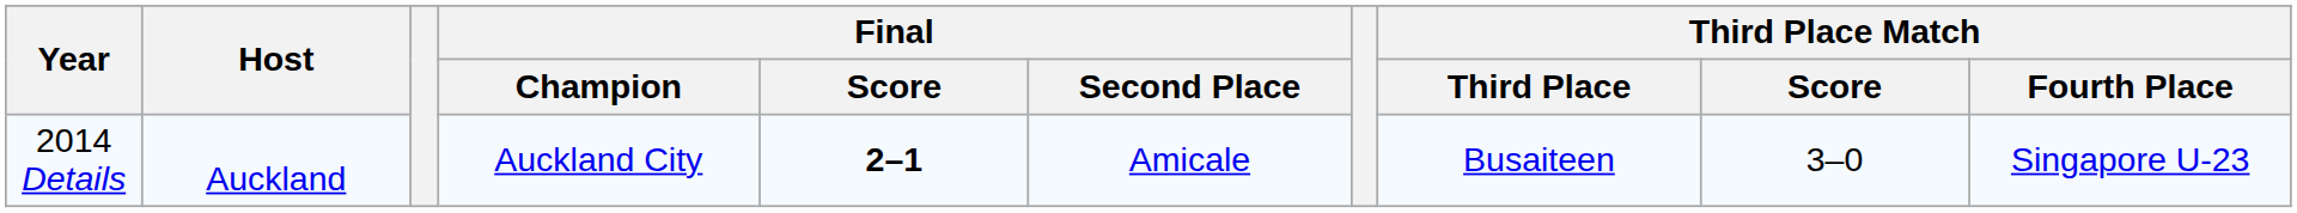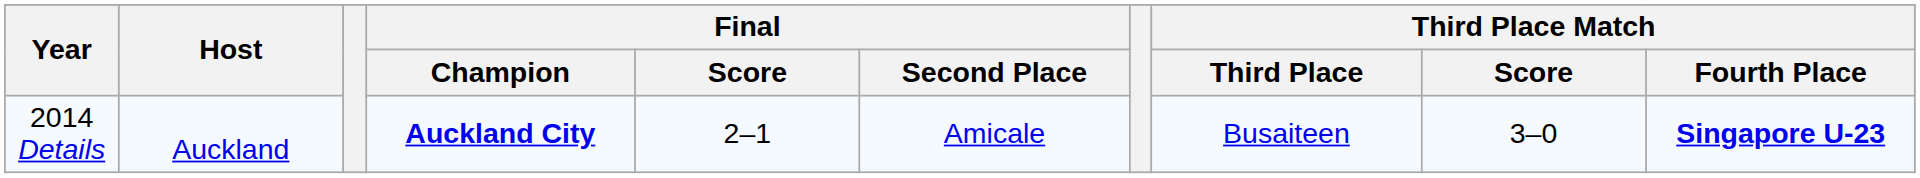 <table class="wikitable" style="text-align:center; width:85%">
 <tr bgcolor=#C1D8FF>
 <th rowspan=2 width=4%>Year</th>
 <th rowspan=2 width=10%>Host</th>
 <th width=1% rowspan=3 bgcolor=ffffff></th>
 <th colspan=3>Final</th>
 <th width=1% rowspan=3 bgcolor=ffffff></th>
 <th colspan=3>Third Place Match</th>
 </tr>
 <tr bgcolor=#EFEFEF>
 <th width=12%>Champion</th>
 <th width=10%>Score</th>
 <th width=12%>Second Place</th>
 <th width=12%>Third Place</th>
 <th width=10%>Score</th>
 <th width=12%>Fourth Place</th>
 </tr>
 <tr style="background:#f5faff;">
 <td>2014 <br> <em><a href='#'>Details</a></em></td>
 <td><br><a href='#'>Auckland</a></td>
-<td> <a href='#'>Auckland City</a></td>
-<td><strong>2–1</strong></td>
+<td><strong> <a href='#'>Auckland City</a></strong></td>
+<td>2–1</td>
 <td> <a href='#'>Amicale</a></td>
 <td> <a href='#'>Busaiteen</a></td>
 <td>3–0</td>
-<td> <a href='#'>Singapore U-23</a></td>
+<td><strong> <a href='#'>Singapore U-23</a></strong></td>
 </tr>
 </table>
